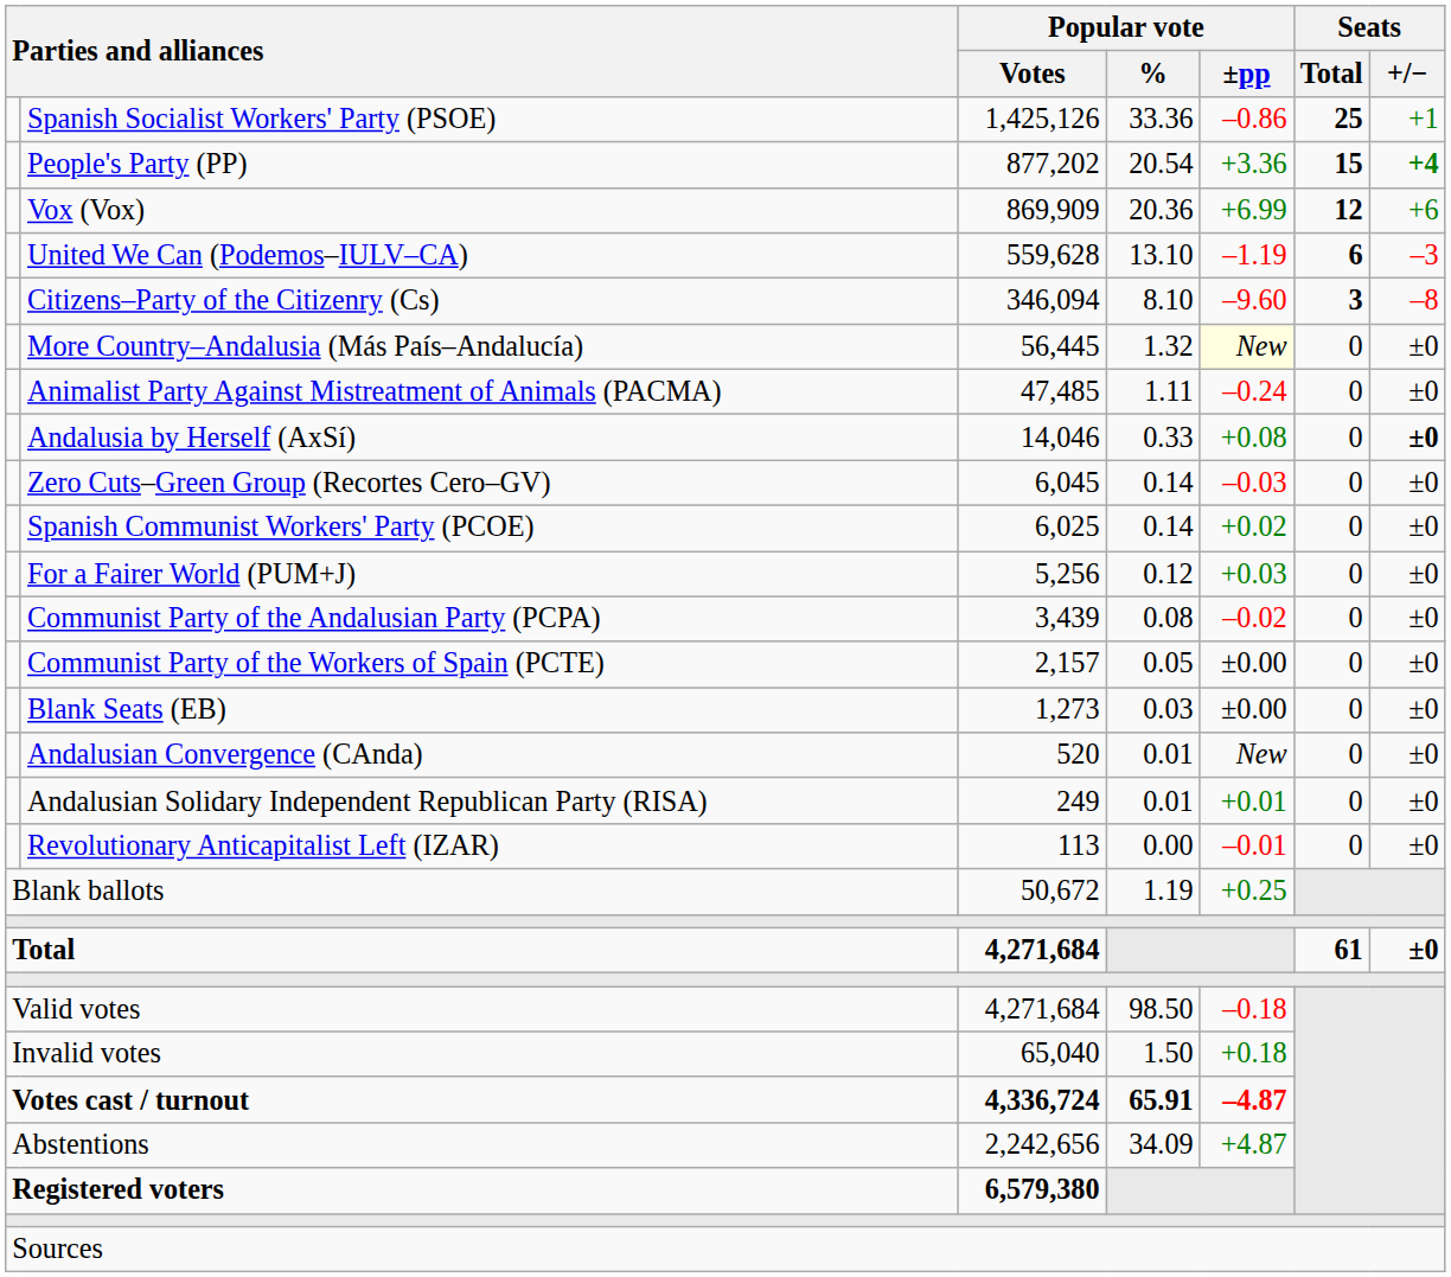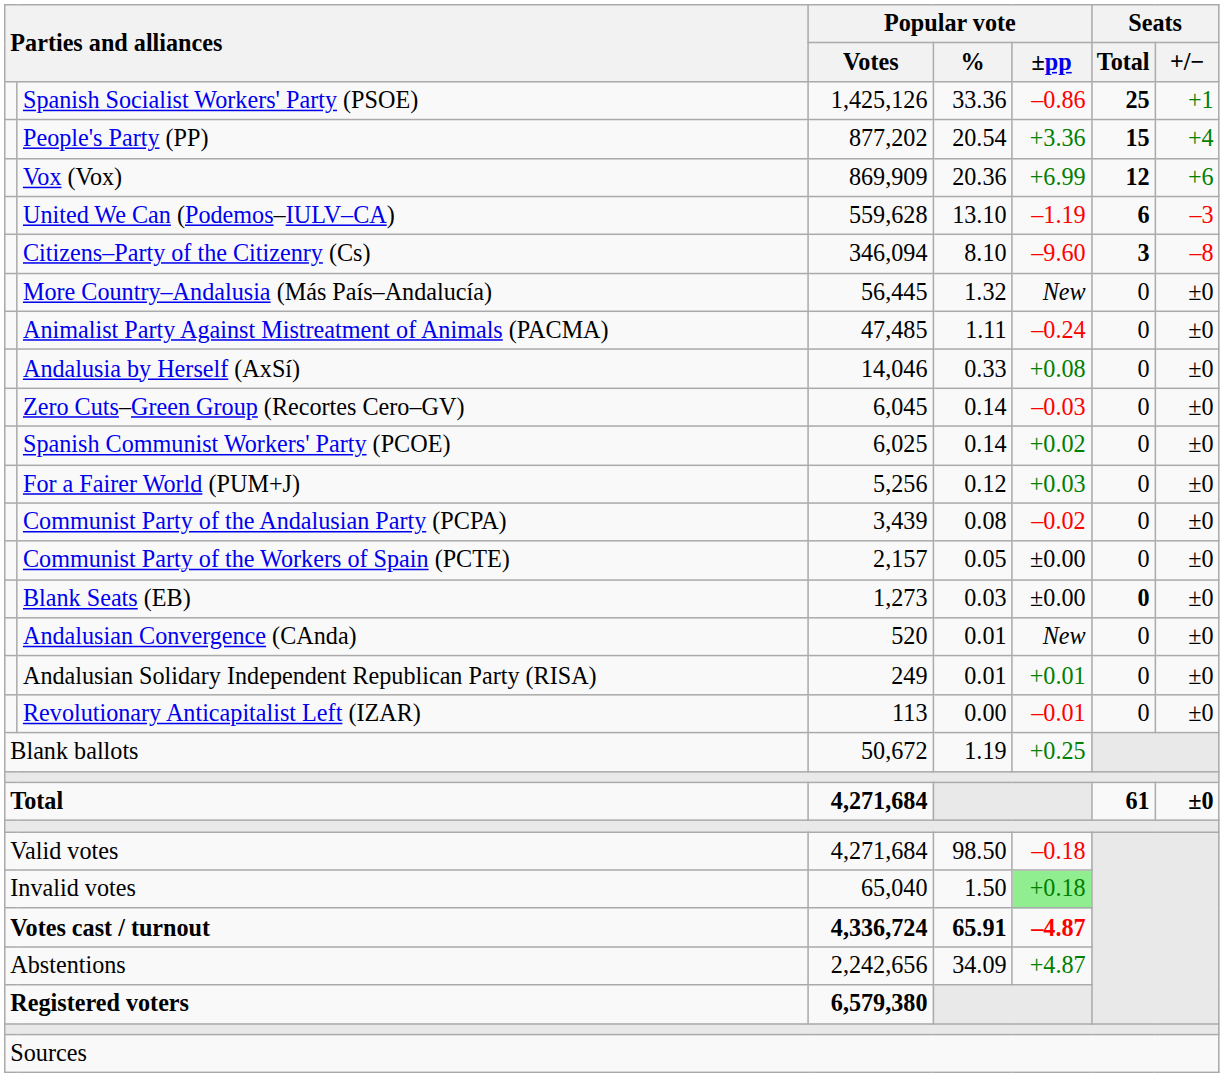 <table class="wikitable" style="text-align:right;">
 <tr>
 <th style="text-align:left;" rowspan="2" colspan="2" width="525">Parties and alliances</th>
 <th colspan="3">Popular vote</th>
 <th colspan="2">Seats</th>
 </tr>
 <tr>
 <th width="75">Votes</th>
 <th width="45">%</th>
 <th width="45">±<a href='#'>pp</a></th>
 <th width="35">Total</th>
 <th width="35">+/−</th>
 </tr>
 <tr>
 <td width="1" style="color:inherit;background:"></td>
 <td align="left"><a href='#'>Spanish Socialist Workers' Party</a> (PSOE)</td>
 <td>1,425,126</td>
 <td>33.36</td>
 <td style="color:red;">–0.86</td>
 <td><strong>25</strong></td>
 <td style="color:green;">+1</td>
 </tr>
 <tr>
 <td style="color:inherit;background:"></td>
 <td align="left"><a href='#'>People's Party</a> (PP)</td>
 <td>877,202</td>
 <td>20.54</td>
 <td style="color:green;">+3.36</td>
 <td><strong>15</strong></td>
-<td style="color:green;"><strong>+4</strong></td>
+<td style="color:green;">+4</td>
 </tr>
 <tr>
 <td style="color:inherit;background:"></td>
 <td align="left"><a href='#'>Vox</a> (Vox)</td>
 <td>869,909</td>
 <td>20.36</td>
 <td style="color:green;">+6.99</td>
 <td><strong>12</strong></td>
 <td style="color:green;">+6</td>
 </tr>
 <tr>
 <td style="color:inherit;background:"></td>
 <td align="left"><a href='#'>United We Can</a> (<a href='#'>Podemos</a>–<a href='#'>IULV–CA</a>)</td>
 <td>559,628</td>
 <td>13.10</td>
 <td style="color:red;">–1.19</td>
 <td><strong>6</strong></td>
 <td style="color:red;">–3</td>
 </tr>
 <tr>
 <td style="color:inherit;background:"></td>
 <td align="left"><a href='#'>Citizens–Party of the Citizenry</a> (Cs)</td>
 <td>346,094</td>
 <td>8.10</td>
 <td style="color:red;">–9.60</td>
 <td><strong>3</strong></td>
 <td style="color:red;">–8</td>
 </tr>
 <tr>
 <td style="color:inherit;background:"></td>
 <td align="left"><a href='#'>More Country–Andalusia</a> (Más País–Andalucía)</td>
 <td>56,445</td>
 <td>1.32</td>
-<td style="background: lightyellow;"><em>New</em></td>
+<td><em>New</em></td>
 <td>0</td>
 <td>±0</td>
 </tr>
 <tr>
 <td style="color:inherit;background:"></td>
 <td align="left"><a href='#'>Animalist Party Against Mistreatment of Animals</a> (PACMA)</td>
 <td>47,485</td>
 <td>1.11</td>
 <td style="color:red;">–0.24</td>
 <td>0</td>
 <td>±0</td>
 </tr>
 <tr>
 <td style="color:inherit;background:"></td>
 <td align="left"><a href='#'>Andalusia by Herself</a> (AxSí)</td>
 <td>14,046</td>
 <td>0.33</td>
 <td style="color:green;">+0.08</td>
 <td>0</td>
-<td><strong>±0</strong></td>
+<td>±0</td>
 </tr>
 <tr>
 <td style="color:inherit;background:"></td>
 <td align="left"><a href='#'>Zero Cuts</a>–<a href='#'>Green Group</a> (Recortes Cero–GV)</td>
 <td>6,045</td>
 <td>0.14</td>
 <td style="color:red;">–0.03</td>
 <td>0</td>
 <td>±0</td>
 </tr>
 <tr>
 <td style="color:inherit;background:"></td>
 <td align="left"><a href='#'>Spanish Communist Workers' Party</a> (PCOE)</td>
 <td>6,025</td>
 <td>0.14</td>
 <td style="color:green;">+0.02</td>
 <td>0</td>
 <td>±0</td>
 </tr>
 <tr>
 <td style="color:inherit;background:"></td>
 <td align="left"><a href='#'>For a Fairer World</a> (PUM+J)</td>
 <td>5,256</td>
 <td>0.12</td>
 <td style="color:green;">+0.03</td>
 <td>0</td>
 <td>±0</td>
 </tr>
 <tr>
 <td style="color:inherit;background:"></td>
 <td align="left"><a href='#'>Communist Party of the Andalusian Party</a> (PCPA)</td>
 <td>3,439</td>
 <td>0.08</td>
 <td style="color:red;">–0.02</td>
 <td>0</td>
 <td>±0</td>
 </tr>
 <tr>
 <td style="color:inherit;background:"></td>
 <td align="left"><a href='#'>Communist Party of the Workers of Spain</a> (PCTE)</td>
 <td>2,157</td>
 <td>0.05</td>
 <td>±0.00</td>
 <td>0</td>
 <td>±0</td>
 </tr>
 <tr>
 <td style="color:inherit;background:"></td>
 <td align="left"><a href='#'>Blank Seats</a> (EB)</td>
 <td>1,273</td>
 <td>0.03</td>
 <td>±0.00</td>
-<td>0</td>
+<td><strong>0</strong></td>
 <td>±0</td>
 </tr>
 <tr>
 <td style="color:inherit;background:"></td>
 <td align="left"><a href='#'>Andalusian Convergence</a> (CAnda)</td>
 <td>520</td>
 <td>0.01</td>
 <td><em>New</em></td>
 <td>0</td>
 <td>±0</td>
 </tr>
 <tr>
 <td style="color:inherit;background:"></td>
 <td align="left">Andalusian Solidary Independent Republican Party (RISA)</td>
 <td>249</td>
 <td>0.01</td>
 <td style="color:green;">+0.01</td>
 <td>0</td>
 <td>±0</td>
 </tr>
 <tr>
 <td style="color:inherit;background:"></td>
 <td align="left"><a href='#'>Revolutionary Anticapitalist Left</a> (IZAR)</td>
 <td>113</td>
 <td>0.00</td>
 <td style="color:red;">–0.01</td>
 <td>0</td>
 <td>±0</td>
 </tr>
 <tr>
 <td align="left" colspan="2">Blank ballots</td>
 <td>50,672</td>
 <td>1.19</td>
 <td style="color:green;">+0.25</td>
 <td bgcolor="#E9E9E9" colspan="2"></td>
 </tr>
 <tr>
 <td colspan="7" bgcolor="#E9E9E9"></td>
 </tr>
 <tr style="font-weight:bold;">
 <td align="left" colspan="2">Total</td>
 <td>4,271,684</td>
 <td bgcolor="#E9E9E9" colspan="2"></td>
 <td>61</td>
 <td>±0</td>
 </tr>
 <tr>
 <td colspan="7" bgcolor="#E9E9E9"></td>
 </tr>
 <tr>
 <td align="left" colspan="2">Valid votes</td>
 <td>4,271,684</td>
 <td>98.50</td>
 <td style="color:red;">–0.18</td>
 <td bgcolor="#E9E9E9" colspan="2" rowspan="5"></td>
 </tr>
 <tr>
 <td align="left" colspan="2">Invalid votes</td>
 <td>65,040</td>
 <td>1.50</td>
-<td style="color:green;">+0.18</td>
+<td style="background: lightgreen; color:green;">+0.18</td>
 </tr>
 <tr style="font-weight:bold;">
 <td align="left" colspan="2">Votes cast / turnout</td>
 <td>4,336,724</td>
 <td>65.91</td>
 <td style="color:red;">–4.87</td>
 </tr>
 <tr>
 <td align="left" colspan="2">Abstentions</td>
 <td>2,242,656</td>
 <td>34.09</td>
 <td style="color:green;">+4.87</td>
 </tr>
 <tr style="font-weight:bold;">
 <td align="left" colspan="2">Registered voters</td>
 <td>6,579,380</td>
 <td bgcolor="#E9E9E9" colspan="2"></td>
 </tr>
 <tr>
 <td colspan="7" bgcolor="#E9E9E9"></td>
 </tr>
 <tr>
 <td align="left" colspan="7">Sources</td>
 </tr>
 </table>
